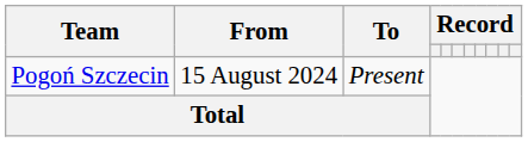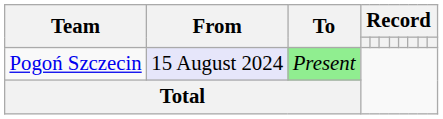 <table class="wikitable" style="text-align: center;">
 <tr>
 <th rowspan="2">Team</th>
 <th rowspan="2">From</th>
 <th rowspan="2">To</th>
 <th colspan="8">Record</th>
 </tr>
 <tr>
 <th></th>
 <th></th>
 <th></th>
 <th></th>
 <th></th>
 <th></th>
 <th></th>
 <th></th>
 </tr>
 <tr>
 <td align=left><a href='#'>Pogoń Szczecin</a></td>
-<td align=left>15 August 2024</td>
-<td align=left><em>Present</em><br></td>
+<td align=left style="background: lavender;">15 August 2024</td>
+<td align=left style="background: lightgreen;"><em>Present</em><br></td>
 </tr>
 <tr>
 <th colspan="3">Total<br></th>
 </tr>
 </table>
